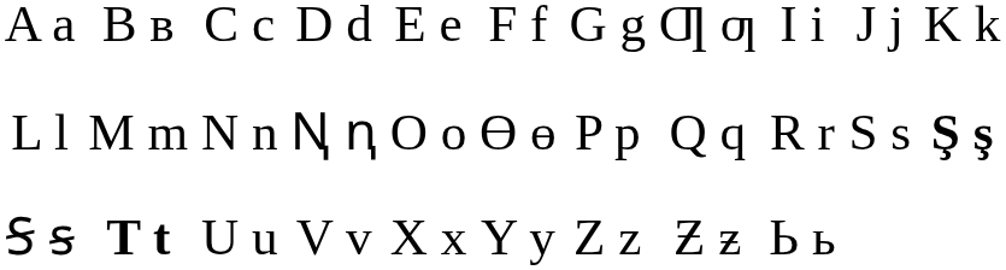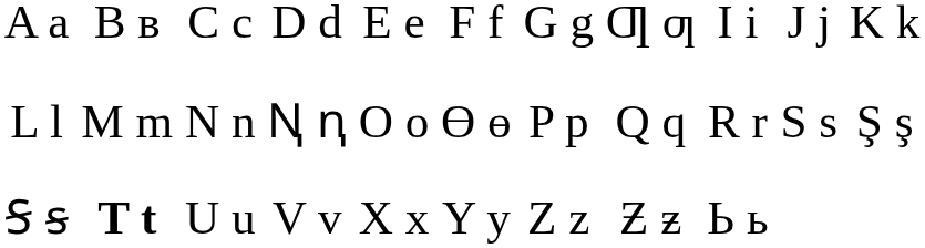 <table class=standard cellpadding=3 style="font-family:Times New Roman; font-size: 2em; line-height: 1.8em; text-align: center;">
 <tr>
 <td style=«width:2em;»>A a</td>
 <td style=«width:2em;»>B в</td>
 <td style=«width:2em;»>C c</td>
 <td style=«width:2em;»>D d</td>
 <td style=«width:2em;»>E e</td>
 <td style=«width:2em;»>F f</td>
 <td style=«width:2em;»>G g</td>
 <td style=«width:2em;»>Ƣ ƣ</td>
 <td style=«width:2em;»>I i</td>
 <td style=«width:2em;»>J j</td>
 <td style=«width:2em;»>K k</td>
 </tr>
 <tr>
 <td style=«width:2em;»>L l</td>
 <td style=«width:2em;»>M m</td>
 <td style=«width:2em;»>N n</td>
 <td style=«width:2em;»>Ꞑ ꞑ</td>
 <td style=«width:2em;»>O o</td>
 <td style=«width:2em;»>Ө ө</td>
 <td style=«width:2em;»>P p</td>
 <td style=«width:2em;»>Q q</td>
 <td style=«width:2em;»>R r</td>
 <td style=«width:2em;»>S s</td>
-<td style=«width:2em;»><strong>Ş ş</strong></td>
+<td style=«width:2em;»>Ş ş</td>
 </tr>
 <tr>
 <td style=«width:2em;»>Ꞩ ꞩ</td>
 <td style=«width:2em;»><strong>T t</strong></td>
 <td style=«width:2em;»>U u</td>
 <td style=«width:2em;»>V v</td>
 <td style=«width:2em;»>X x</td>
 <td style=«width:2em;»>Y y</td>
 <td style=«width:2em;»>Z z</td>
 <td style=«width:2em;»>Ƶ ƶ</td>
 <td style=«width:2em;»>Ь ь</td>
 </tr>
 </table>
